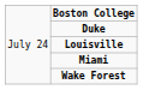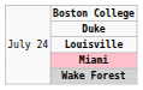 <table class="wikitable" style="text-align: center;">
 <tr>
 <td rowspan="5">July 24</td>
 <td><strong>Boston College</strong></td>
 </tr>
 <tr>
 <td><strong>Duke</strong></td>
 </tr>
 <tr>
 <td><strong>Louisville</strong></td>
 </tr>
 <tr>
-<td><strong>Miami</strong></td>
+<td style="background: pink;"><strong>Miami</strong></td>
 </tr>
 <tr>
-<td><strong>Wake Forest</strong></td>
+<td style="background: lightgrey;"><strong>Wake Forest</strong></td>
 </tr>
 </table>
